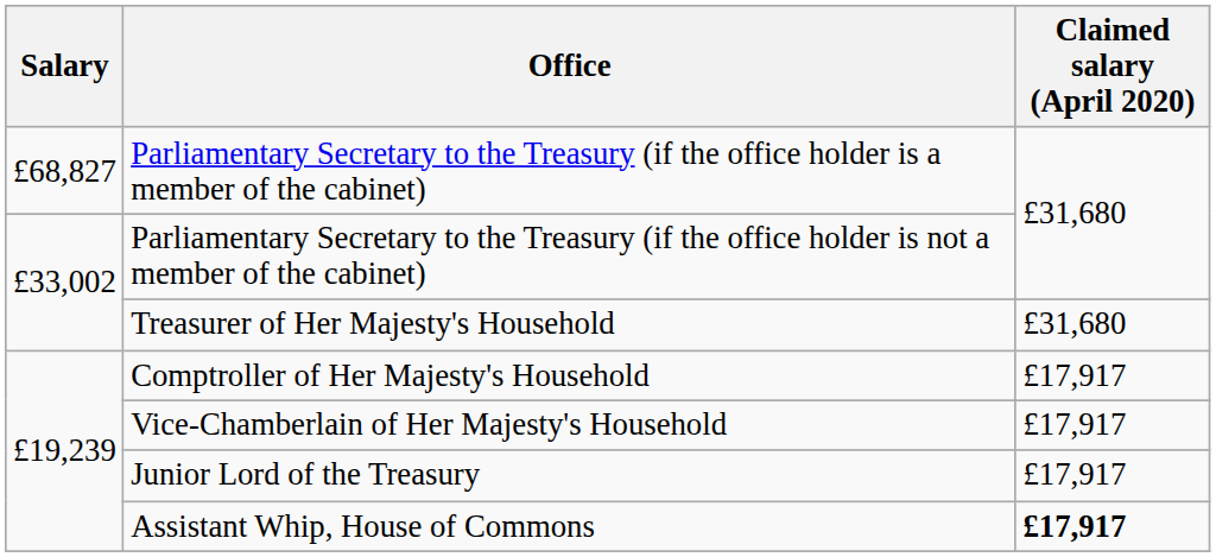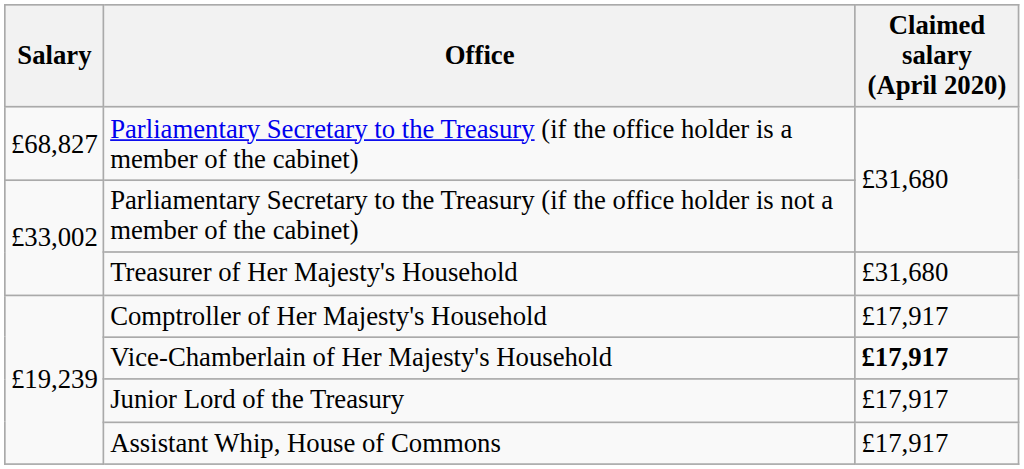 <table class="wikitable">
 <tr>
 <th>Salary</th>
 <th>Office</th>
 <th>Claimed salary<br>(April 2020)</th>
 </tr>
 <tr>
 <td>£68,827</td>
 <td><a href='#'>Parliamentary Secretary to the Treasury</a> (if the office holder is a member of the cabinet)</td>
 <td rowspan="2">£31,680</td>
 </tr>
 <tr>
 <td rowspan="2">£33,002</td>
 <td>Parliamentary Secretary to the Treasury (if the office holder is not a member of the cabinet)</td>
 </tr>
 <tr>
 <td>Treasurer of Her Majesty's Household</td>
 <td>£31,680</td>
 </tr>
 <tr>
 <td rowspan="4">£19,239</td>
 <td>Comptroller of Her Majesty's Household</td>
 <td>£17,917</td>
 </tr>
 <tr>
 <td>Vice-Chamberlain of Her Majesty's Household</td>
-<td>£17,917</td>
+<td><strong>£17,917</strong></td>
 </tr>
 <tr>
 <td>Junior Lord of the Treasury</td>
 <td>£17,917</td>
 </tr>
 <tr>
 <td>Assistant Whip, House of Commons</td>
-<td><strong>£17,917</strong></td>
+<td>£17,917</td>
 </tr>
 </table>
